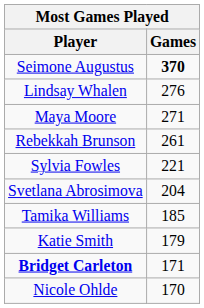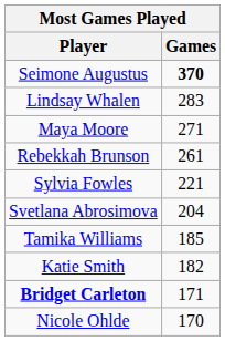 <table class="wikitable sortable" style="text-align:center">
 <tr>
 <th colspan="5">Most Games Played</th>
 </tr>
 <tr>
 <th>Player</th>
 <th>Games</th>
 </tr>
 <tr>
 <td><a href='#'>Seimone Augustus</a></td>
 <td><strong>370</strong></td>
 </tr>
 <tr>
 <td><a href='#'>Lindsay Whalen</a></td>
-<td>276</td>
+<td>283</td>
 </tr>
 <tr>
 <td><a href='#'>Maya Moore</a></td>
 <td>271</td>
 </tr>
 <tr>
 <td><a href='#'>Rebekkah Brunson</a></td>
 <td>261</td>
 </tr>
 <tr>
 <td><a href='#'>Sylvia Fowles</a></td>
 <td>221</td>
 </tr>
 <tr>
 <td><a href='#'>Svetlana Abrosimova</a></td>
 <td>204</td>
 </tr>
 <tr>
 <td><a href='#'>Tamika Williams</a></td>
 <td>185</td>
 </tr>
 <tr>
 <td><a href='#'>Katie Smith</a></td>
-<td>179</td>
+<td>182</td>
 </tr>
 <tr>
 <td><strong><a href='#'>Bridget Carleton</a></strong></td>
 <td>171</td>
 </tr>
 <tr>
 <td><a href='#'>Nicole Ohlde</a></td>
 <td>170</td>
 </tr>
 </table>
